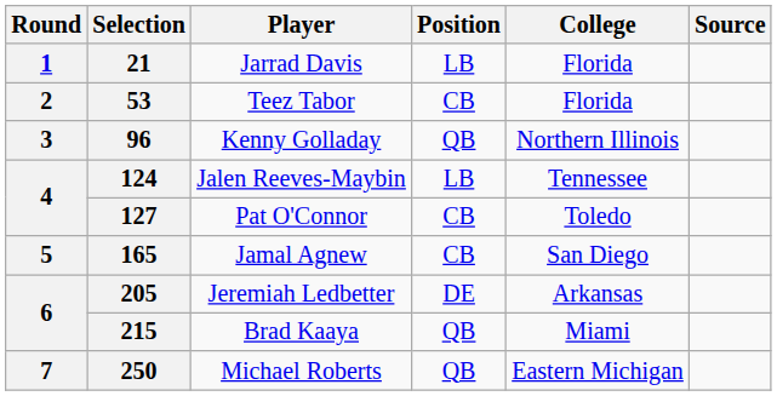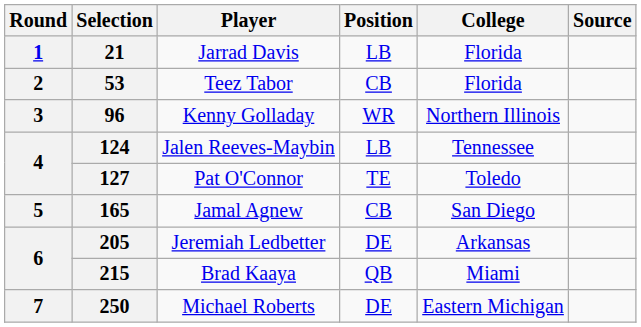 <table class="wikitable" style="text-align:center">
 <tr>
 <th>Round</th>
 <th>Selection</th>
 <th>Player</th>
 <th>Position</th>
 <th>College</th>
 <th>Source</th>
 </tr>
 <tr>
 <th><a href='#'>1</a></th>
 <th>21</th>
 <td><a href='#'>Jarrad Davis</a></td>
 <td><a href='#'>LB</a></td>
 <td><a href='#'>Florida</a></td>
 <td></td>
 </tr>
 <tr>
 <th>2</th>
 <th>53</th>
 <td><a href='#'>Teez Tabor</a></td>
 <td><a href='#'>CB</a></td>
 <td><a href='#'>Florida</a></td>
 <td></td>
 </tr>
 <tr>
 <th>3</th>
 <th>96</th>
 <td><a href='#'>Kenny Golladay</a></td>
-<td><a href='#'>QB</a></td>
+<td><a href='#'>WR</a></td>
 <td><a href='#'>Northern Illinois</a></td>
 <td></td>
 </tr>
 <tr>
 <th rowspan=2>4</th>
 <th>124</th>
 <td><a href='#'>Jalen Reeves-Maybin</a></td>
 <td><a href='#'>LB</a></td>
 <td><a href='#'>Tennessee</a></td>
 <td></td>
 </tr>
 <tr>
 <th>127</th>
 <td><a href='#'>Pat O'Connor</a></td>
-<td><a href='#'>CB</a></td>
+<td><a href='#'>TE</a></td>
 <td><a href='#'>Toledo</a></td>
 <td></td>
 </tr>
 <tr>
 <th>5</th>
 <th>165</th>
 <td><a href='#'>Jamal Agnew</a></td>
 <td><a href='#'>CB</a></td>
 <td><a href='#'>San Diego</a></td>
 <td></td>
 </tr>
 <tr>
 <th rowspan=2>6</th>
 <th>205</th>
 <td><a href='#'>Jeremiah Ledbetter</a></td>
 <td><a href='#'>DE</a></td>
 <td><a href='#'>Arkansas</a></td>
 <td></td>
 </tr>
 <tr>
 <th>215</th>
 <td><a href='#'>Brad Kaaya</a></td>
 <td><a href='#'>QB</a></td>
 <td><a href='#'>Miami</a></td>
 <td></td>
 </tr>
 <tr>
 <th>7</th>
 <th>250</th>
 <td><a href='#'>Michael Roberts</a></td>
-<td><a href='#'>QB</a></td>
+<td><a href='#'>DE</a></td>
 <td><a href='#'>Eastern Michigan</a></td>
 <td></td>
 </tr>
 </table>
